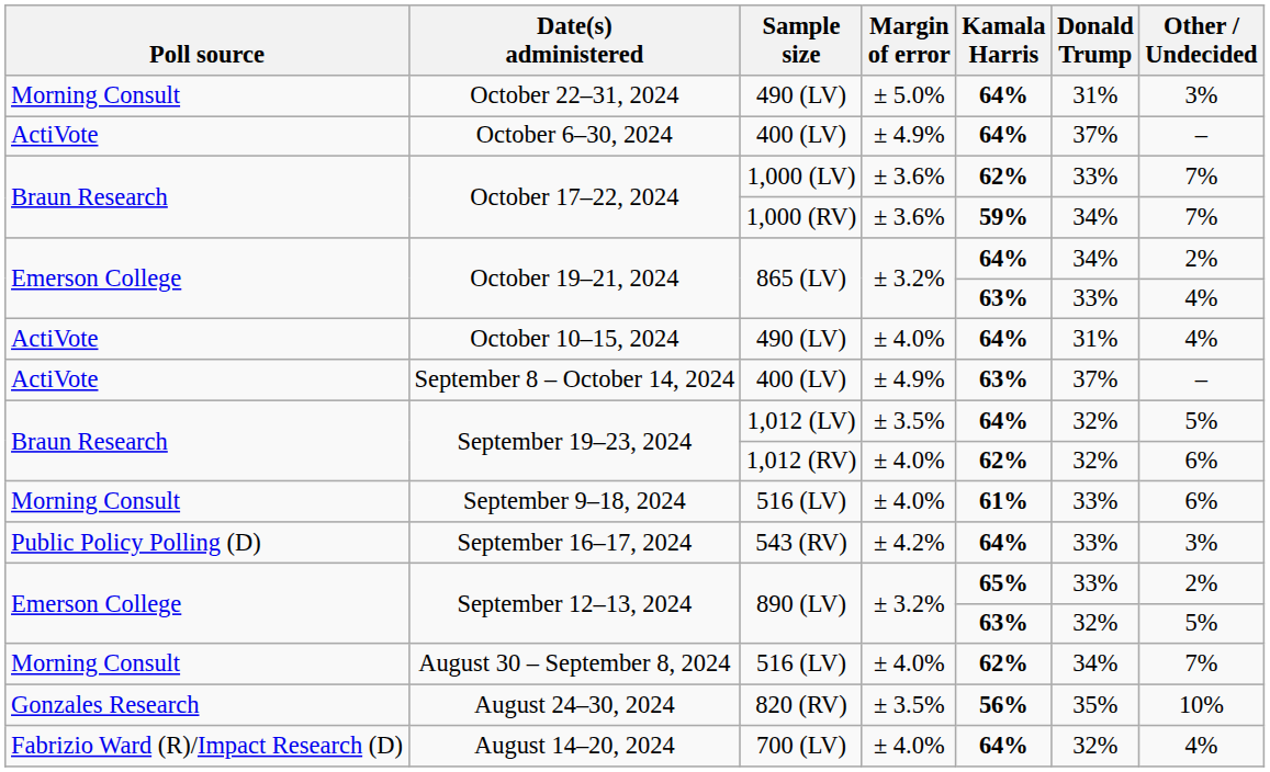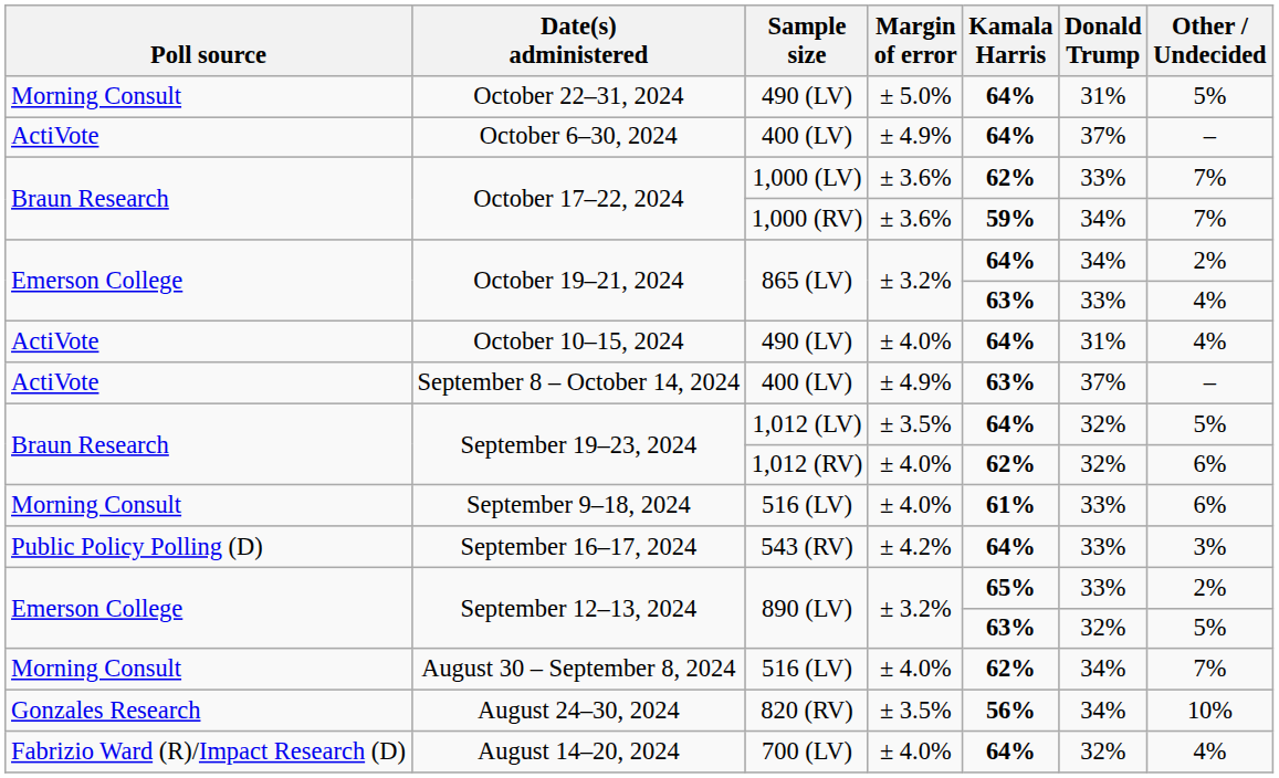 <table class="wikitable sortable mw-datatable" style="font-size:90%;text-align:center;line-height:17px">
 <tr valign=bottom>
 <th>Poll source</th>
 <th>Date(s)<br>administered</th>
 <th>Sample<br>size</th>
 <th>Margin<br>of error</th>
 <th class="unsortable">Kamala<br>Harris<br></th>
 <th class="unsortable">Donald<br>Trump<br></th>
 <th class="unsortable">Other /<br>Undecided</th>
 </tr>
 <tr>
 <td style="text-align:left;"><a href='#'>Morning Consult</a></td>
 <td data-sort-value=2024-10-31>October 22–31, 2024</td>
 <td>490 (LV)</td>
 <td>± 5.0%</td>
 <td style="color:black;background-color:"><strong>64%</strong></td>
 <td>31%</td>
-<td>3%</td>
+<td>5%</td>
 </tr>
 <tr>
 <td style="text-align:left;"><a href='#'>ActiVote</a></td>
 <td data-sort-value=2024-10-30>October 6–30, 2024</td>
 <td>400 (LV)</td>
 <td>± 4.9%</td>
 <td style="color:black;background-color:"><strong>64%</strong></td>
 <td>37%</td>
 <td>–</td>
 </tr>
 <tr>
 <td style="text-align:left;" rowspan="2"><a href='#'>Braun Research</a></td>
 <td rowspan="2" data-sort-value=2024-10-22>October 17–22, 2024</td>
 <td>1,000 (LV)</td>
 <td>± 3.6%</td>
 <td style="color:black;background-color:"><strong>62%</strong></td>
 <td>33%</td>
 <td>7%</td>
 </tr>
 <tr>
 <td>1,000 (RV)</td>
 <td>± 3.6%</td>
 <td style="color:black;background-color:"><strong>59%</strong></td>
 <td>34%</td>
 <td>7%</td>
 </tr>
 <tr>
 <td style="text-align:left;" rowspan=2><a href='#'>Emerson College</a></td>
 <td rowspan=2 data-sort-value=2024-10-21>October 19–21, 2024</td>
 <td rowspan=2>865 (LV)</td>
 <td rowspan=2>± 3.2%</td>
 <td style="color:black;background-color:"><strong>64%</strong></td>
 <td>34%</td>
 <td>2%</td>
 </tr>
 <tr>
 <td style="color:black;background-color:"><strong>63%</strong></td>
 <td>33%</td>
 <td>4%</td>
 </tr>
 <tr>
 <td style="text-align:left;"><a href='#'>ActiVote</a></td>
 <td data-sort-value=2024-10-15>October 10–15, 2024</td>
 <td>490 (LV)</td>
 <td>± 4.0%</td>
 <td style="color:black;background-color:"><strong>64%</strong></td>
 <td>31%</td>
 <td>4%</td>
 </tr>
 <tr>
 <td style="text-align:left;"><a href='#'>ActiVote</a></td>
 <td data-sort-value=2024-10-14>September 8 – October 14, 2024</td>
 <td>400 (LV)</td>
 <td>± 4.9%</td>
 <td style="color:black;background-color:"><strong>63%</strong></td>
 <td>37%</td>
 <td>–</td>
 </tr>
 <tr>
 <td style="text-align:left;" rowspan="2"><a href='#'>Braun Research</a></td>
 <td rowspan="2" data-sort-value=2024-09-23>September 19–23, 2024</td>
 <td>1,012 (LV)</td>
 <td>± 3.5%</td>
 <td style="color:black;background-color:"><strong>64%</strong></td>
 <td>32%</td>
 <td>5%</td>
 </tr>
 <tr>
 <td>1,012 (RV)</td>
 <td>± 4.0%</td>
 <td style="color:black;background-color:"><strong>62%</strong></td>
 <td>32%</td>
 <td>6%</td>
 </tr>
 <tr>
 <td style="text-align:left;"><a href='#'>Morning Consult</a></td>
 <td data-sort-value=2024-09-18>September 9–18, 2024</td>
 <td>516 (LV)</td>
 <td>± 4.0%</td>
 <td style="color:black;background-color:"><strong>61%</strong></td>
 <td>33%</td>
 <td>6%</td>
 </tr>
 <tr>
 <td style="text-align:left;"><a href='#'>Public Policy Polling</a> (D)</td>
 <td data-sort-value=2024-09-17>September 16–17, 2024</td>
 <td>543 (RV)</td>
 <td>± 4.2%</td>
 <td style="color:black;background-color:"><strong>64%</strong></td>
 <td>33%</td>
 <td>3%</td>
 </tr>
 <tr>
 <td style="text-align:left;" rowspan=2><a href='#'>Emerson College</a></td>
 <td data-sort-value=2024-09-13 rowspan=2>September 12–13, 2024</td>
 <td rowspan=2>890 (LV)</td>
 <td rowspan=2>± 3.2%</td>
 <td style="color:black;background-color:"><strong>65%</strong></td>
 <td>33%</td>
 <td>2%</td>
 </tr>
 <tr>
 <td style="color:black;background-color:"><strong>63%</strong></td>
 <td>32%</td>
 <td>5%</td>
 </tr>
 <tr>
 <td style="text-align:left;"><a href='#'>Morning Consult</a></td>
 <td data-sort-value=2024-09-08>August 30 – September 8, 2024</td>
 <td>516 (LV)</td>
 <td>± 4.0%</td>
 <td style="color:black;background-color:"><strong>62%</strong></td>
 <td>34%</td>
 <td>7%</td>
 </tr>
 <tr>
 <td style="text-align:left;"><a href='#'>Gonzales Research</a></td>
 <td data-sort-value=2024-08-30>August 24–30, 2024</td>
 <td>820 (RV)</td>
 <td>± 3.5%</td>
 <td style="color:black;background-color:"><strong>56%</strong></td>
-<td>35%</td>
+<td>34%</td>
 <td>10%</td>
 </tr>
 <tr>
 <td style="text-align:left;"><a href='#'>Fabrizio Ward</a> (R)/<a href='#'>Impact Research</a> (D)</td>
 <td data-sort-value=2024-08-20>August 14–20, 2024</td>
 <td>700 (LV)</td>
 <td>± 4.0%</td>
 <td style="color:black;background-color:"><strong>64%</strong></td>
 <td>32%</td>
 <td>4%</td>
 </tr>
 </table>
